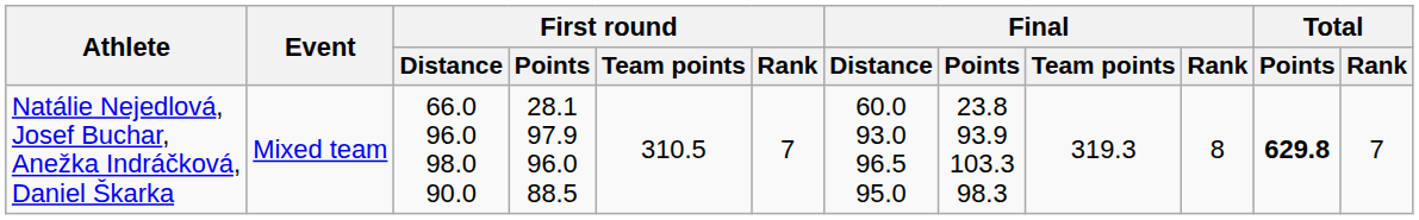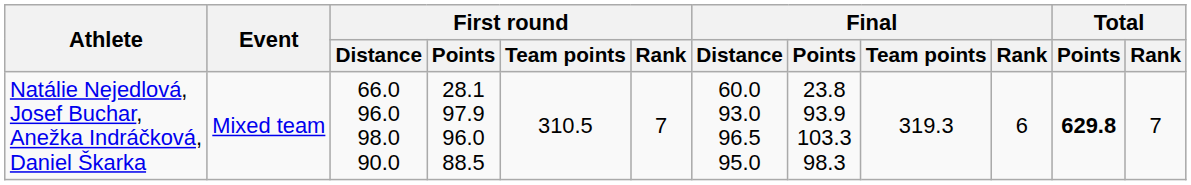 <table class="wikitable" style="font-size:90%">
 <tr>
 <th rowspan=2>Athlete</th>
 <th rowspan=2>Event</th>
 <th colspan="4">First round</th>
 <th colspan="4">Final</th>
 <th colspan=2>Total</th>
 </tr>
 <tr style="font-size:95%">
 <th>Distance</th>
 <th>Points</th>
 <th>Team points</th>
 <th>Rank</th>
 <th>Distance</th>
 <th>Points</th>
 <th>Team points</th>
 <th>Rank</th>
 <th>Points</th>
 <th>Rank</th>
 </tr>
 <tr align=center>
 <td align=left><a href='#'>Natálie Nejedlová</a>,<br><a href='#'>Josef Buchar</a>,<br><a href='#'>Anežka Indráčková</a>,<br><a href='#'>Daniel Škarka</a></td>
 <td align=left><a href='#'>Mixed team</a></td>
 <td>66.0<br>96.0<br>98.0<br>90.0</td>
 <td>28.1<br>97.9<br>96.0<br>88.5</td>
 <td>310.5</td>
 <td>7</td>
 <td>60.0<br>93.0<br>96.5<br>95.0</td>
 <td>23.8<br>93.9<br>103.3<br>98.3</td>
 <td>319.3</td>
-<td>8</td>
+<td>6</td>
 <td><strong>629.8</strong></td>
 <td>7</td>
 </tr>
 </table>
